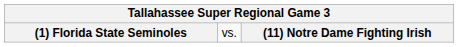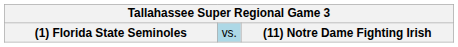 <table class="wikitable">
 <tr>
 <th style="width: 604px;" colspan=3>Tallahassee Super Regional Game 3</th>
 </tr>
 <tr>
 <th style="width: 289px; ">(1) Florida State Seminoles</th>
-<td style="width: 25px; text-align:center">vs.</td>
+<td style="background: lightblue; width: 25px; text-align:center">vs.</td>
 <th style="width: 289px; ">(11) Notre Dame Fighting Irish</th>
 </tr>
 </table>
